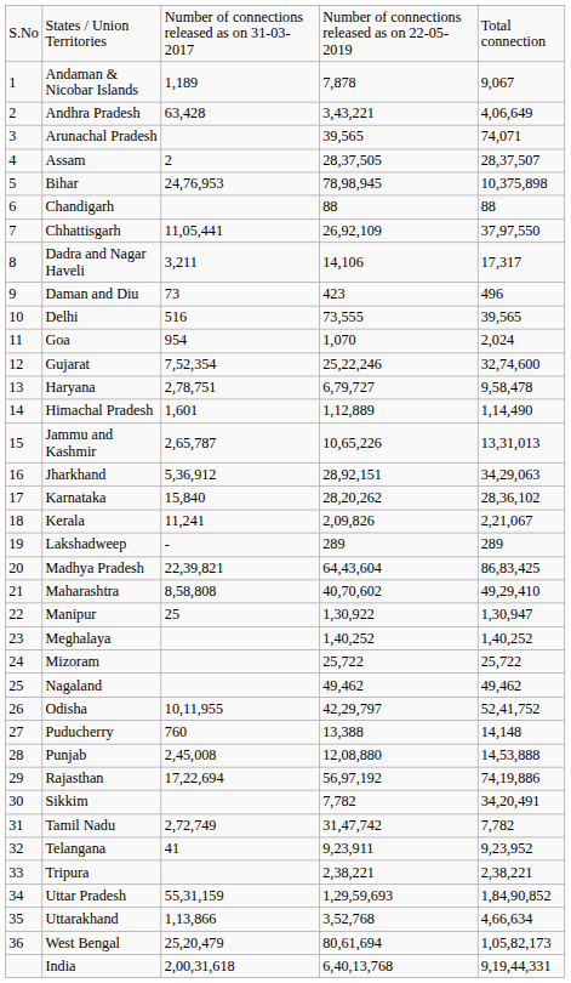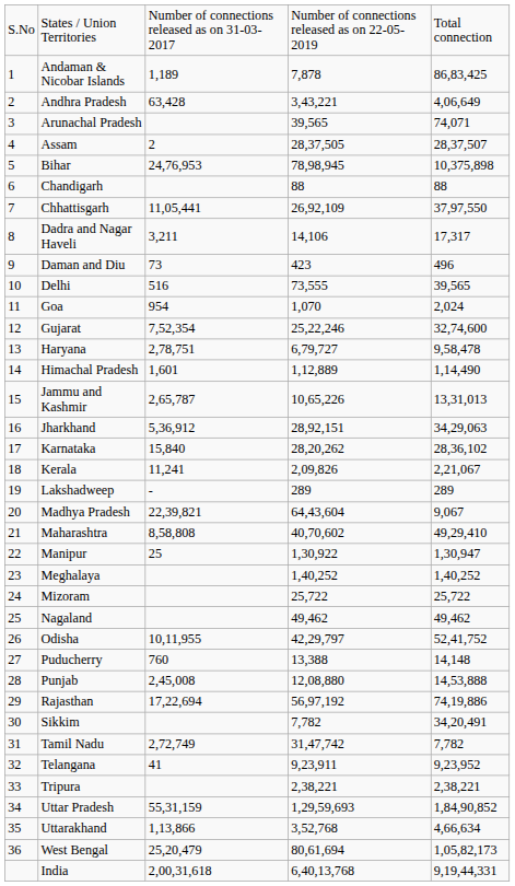 <table class="wikitable sortable">
 <tr>
 <td>S.No</td>
 <td>States / Union Territories</td>
 <td>Number of connections released as on 31-03-2017</td>
 <td>Number of connections released as on 22-05-2019</td>
 <td>Total connection</td>
 </tr>
 <tr>
 <td>1</td>
 <td>Andaman & Nicobar Islands</td>
 <td>1,189</td>
 <td>7,878</td>
-<td>9,067</td>
+<td>86,83,425</td>
 </tr>
 <tr>
 <td>2</td>
 <td>Andhra Pradesh</td>
 <td>63,428</td>
 <td>3,43,221</td>
 <td>4,06,649</td>
 </tr>
 <tr>
 <td>3</td>
 <td>Arunachal Pradesh</td>
 <td></td>
 <td>39,565</td>
 <td>74,071</td>
 </tr>
 <tr>
 <td>4</td>
 <td>Assam</td>
 <td>2</td>
 <td>28,37,505</td>
 <td>28,37,507</td>
 </tr>
 <tr>
 <td>5</td>
 <td>Bihar</td>
 <td>24,76,953</td>
 <td>78,98,945</td>
 <td>10,375,898</td>
 </tr>
 <tr>
 <td>6</td>
 <td>Chandigarh</td>
 <td></td>
 <td>88</td>
 <td>88</td>
 </tr>
 <tr>
 <td>7</td>
 <td>Chhattisgarh</td>
 <td>11,05,441</td>
 <td>26,92,109</td>
 <td>37,97,550</td>
 </tr>
 <tr>
 <td>8</td>
 <td>Dadra and Nagar Haveli</td>
 <td>3,211</td>
 <td>14,106</td>
 <td>17,317</td>
 </tr>
 <tr>
 <td>9</td>
 <td>Daman and Diu</td>
 <td>73</td>
 <td>423</td>
 <td>496</td>
 </tr>
 <tr>
 <td>10</td>
 <td>Delhi</td>
 <td>516</td>
 <td>73,555</td>
 <td>39,565</td>
 </tr>
 <tr>
 <td>11</td>
 <td>Goa</td>
 <td>954</td>
 <td>1,070</td>
 <td>2,024</td>
 </tr>
 <tr>
 <td>12</td>
 <td>Gujarat</td>
 <td>7,52,354</td>
 <td>25,22,246</td>
 <td>32,74,600</td>
 </tr>
 <tr>
 <td>13</td>
 <td>Haryana</td>
 <td>2,78,751</td>
 <td>6,79,727</td>
 <td>9,58,478</td>
 </tr>
 <tr>
 <td>14</td>
 <td>Himachal Pradesh</td>
 <td>1,601</td>
 <td>1,12,889</td>
 <td>1,14,490</td>
 </tr>
 <tr>
 <td>15</td>
 <td>Jammu and Kashmir</td>
 <td>2,65,787</td>
 <td>10,65,226</td>
 <td>13,31,013</td>
 </tr>
 <tr>
 <td>16</td>
 <td>Jharkhand</td>
 <td>5,36,912</td>
 <td>28,92,151</td>
 <td>34,29,063</td>
 </tr>
 <tr>
 <td>17</td>
 <td>Karnataka</td>
 <td>15,840</td>
 <td>28,20,262</td>
 <td>28,36,102</td>
 </tr>
 <tr>
 <td>18</td>
 <td>Kerala</td>
 <td>11,241</td>
 <td>2,09,826</td>
 <td>2,21,067</td>
 </tr>
 <tr>
 <td>19</td>
 <td>Lakshadweep</td>
 <td>-</td>
 <td>289</td>
 <td>289</td>
 </tr>
 <tr>
 <td>20</td>
 <td>Madhya Pradesh</td>
 <td>22,39,821</td>
 <td>64,43,604</td>
-<td>86,83,425</td>
+<td>9,067</td>
 </tr>
 <tr>
 <td>21</td>
 <td>Maharashtra</td>
 <td>8,58,808</td>
 <td>40,70,602</td>
 <td>49,29,410</td>
 </tr>
 <tr>
 <td>22</td>
 <td>Manipur</td>
 <td>25</td>
 <td>1,30,922</td>
 <td>1,30,947</td>
 </tr>
 <tr>
 <td>23</td>
 <td>Meghalaya</td>
 <td></td>
 <td>1,40,252</td>
 <td>1,40,252</td>
 </tr>
 <tr>
 <td>24</td>
 <td>Mizoram</td>
 <td></td>
 <td>25,722</td>
 <td>25,722</td>
 </tr>
 <tr>
 <td>25</td>
 <td>Nagaland</td>
 <td></td>
 <td>49,462</td>
 <td>49,462</td>
 </tr>
 <tr>
 <td>26</td>
 <td>Odisha</td>
 <td>10,11,955</td>
 <td>42,29,797</td>
 <td>52,41,752</td>
 </tr>
 <tr>
 <td>27</td>
 <td>Puducherry</td>
 <td>760</td>
 <td>13,388</td>
 <td>14,148</td>
 </tr>
 <tr>
 <td>28</td>
 <td>Punjab</td>
 <td>2,45,008</td>
 <td>12,08,880</td>
 <td>14,53,888</td>
 </tr>
 <tr>
 <td>29</td>
 <td>Rajasthan</td>
 <td>17,22,694</td>
 <td>56,97,192</td>
 <td>74,19,886</td>
 </tr>
 <tr>
 <td>30</td>
 <td>Sikkim</td>
 <td></td>
 <td>7,782</td>
 <td>34,20,491</td>
 </tr>
 <tr>
 <td>31</td>
 <td>Tamil Nadu</td>
 <td>2,72,749</td>
 <td>31,47,742</td>
 <td>7,782</td>
 </tr>
 <tr>
 <td>32</td>
 <td>Telangana</td>
 <td>41</td>
 <td>9,23,911</td>
 <td>9,23,952</td>
 </tr>
 <tr>
 <td>33</td>
 <td>Tripura</td>
 <td></td>
 <td>2,38,221</td>
 <td>2,38,221</td>
 </tr>
 <tr>
 <td>34</td>
 <td>Uttar Pradesh</td>
 <td>55,31,159</td>
 <td>1,29,59,693</td>
 <td>1,84,90,852</td>
 </tr>
 <tr>
 <td>35</td>
 <td>Uttarakhand</td>
 <td>1,13,866</td>
 <td>3,52,768</td>
 <td>4,66,634</td>
 </tr>
 <tr>
 <td>36</td>
 <td>West Bengal</td>
 <td>25,20,479</td>
 <td>80,61,694</td>
 <td>1,05,82,173</td>
 </tr>
 <tr>
 <td></td>
 <td>India</td>
 <td>2,00,31,618</td>
 <td>6,40,13,768</td>
 <td>9,19,44,331</td>
 </tr>
 </table>
